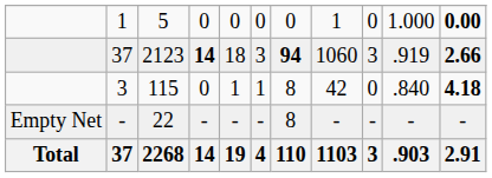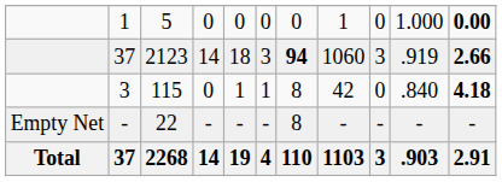 <table class="wikitable sortable">
 <tr align="center">
 </tr>
 <tr align="center" bgcolor="">
 <td></td>
 <td>1</td>
 <td>5</td>
 <td>0</td>
 <td>0</td>
 <td>0</td>
 <td>0</td>
 <td>1</td>
 <td>0</td>
 <td>1.000</td>
 <td><strong>0.00</strong></td>
 </tr>
 <tr align="center" bgcolor="f0f0f0">
 <td></td>
 <td>37</td>
 <td>2123</td>
-<td><strong>14</strong></td>
+<td>14</td>
 <td>18</td>
 <td>3</td>
 <td><strong>94</strong></td>
 <td>1060</td>
 <td>3</td>
 <td>.919</td>
 <td><strong>2.66</strong></td>
 </tr>
 <tr align="center" bgcolor="">
 <td></td>
 <td>3</td>
 <td>115</td>
 <td>0</td>
 <td>1</td>
 <td>1</td>
 <td>8</td>
 <td>42</td>
 <td>0</td>
 <td>.840</td>
 <td><strong>4.18</strong></td>
 </tr>
 <tr align="center" bgcolor="f0f0f0">
 <td>Empty Net</td>
 <td>-</td>
 <td>22</td>
 <td>-</td>
 <td>-</td>
 <td>-</td>
 <td>8</td>
 <td>-</td>
 <td>-</td>
 <td>-</td>
 <td>-</td>
 </tr>
 <tr>
 <th>Total</th>
 <th>37</th>
 <th>2268</th>
 <th>14</th>
 <th>19</th>
 <th>4</th>
 <th>110</th>
 <th>1103</th>
 <th>3</th>
 <th>.903</th>
 <th>2.91</th>
 </tr>
 </table>
